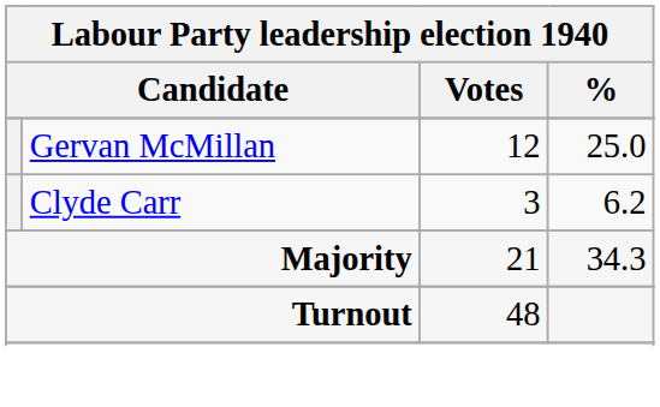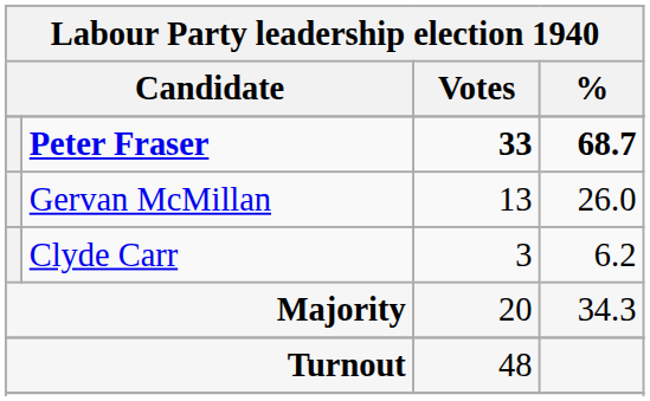 <table class="wikitable" style="font-size: 95%;">
 <tr style="background-color:#E9E9E9">
 <th colspan="4">Labour Party leadership election 1940</th>
 </tr>
 <tr style="background-color:#E9E9E9">
 <th colspan="2" style="width: 170px">Candidate</th>
 <th style="width: 50px">Votes</th>
 <th style="width: 40px">%</th>
 </tr>
 <tr>
 </tr>
 <tr>
 <th style="background-color: "></th>
+<td style="width: 170px"><strong><a href='#'>Peter Fraser</a></strong></td>
+<td align="right"><strong>33</strong></td>
+<td align="right"><strong>68.7</strong></td>
+</tr>
+<tr>
+<th style="background-color: "></th>
 <td style="width: 170px"><a href='#'>Gervan McMillan</a></td>
-<td align="right">12</td>
-<td align="right">25.0</td>
+<td align="right">13</td>
+<td align="right">26.0</td>
 </tr>
 <tr>
 <th style="background-color: "></th>
 <td style="width: 170px"><a href='#'>Clyde Carr</a></td>
 <td align="right">3</td>
 <td align="right">6.2</td>
 </tr>
 <tr style="background-color:#F6F6F6">
 <td colspan="2" align="right"><strong>Majority</strong></td>
-<td align="right">21</td>
+<td align="right">20</td>
 <td align="right">34.3</td>
 </tr>
 <tr>
 </tr>
 <tr style="background-color:#F6F6F6">
 <td colspan="2" align="right"><strong>Turnout</strong></td>
 <td align="right">48</td>
 <td></td>
 </tr>
 <tr>
 </tr>
 <tr style="background-color:#F6F6F6">
 </tr>
 </table>
